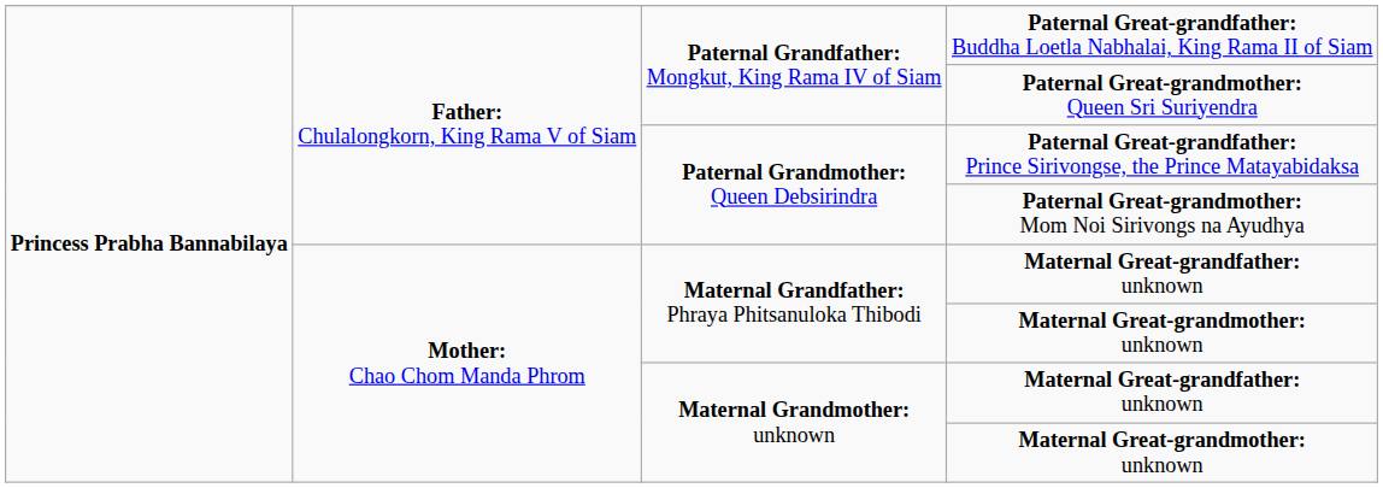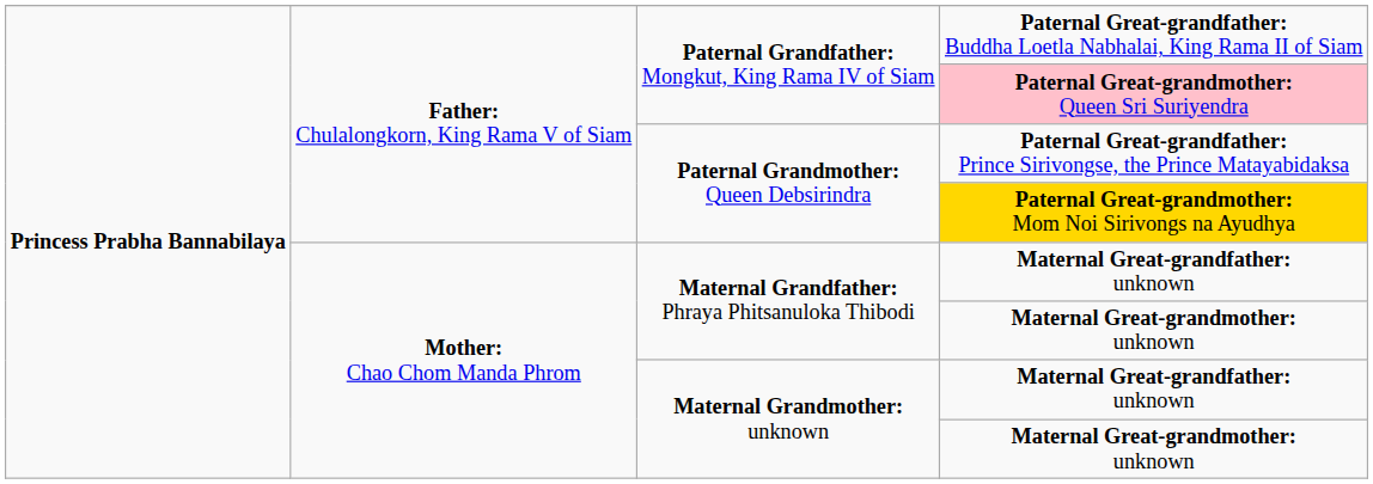 <table class="wikitable">
 <tr>
 </tr>
 <tr>
 <td rowspan="8" align="center"><strong>Princess Prabha Bannabilaya</strong></td>
 <td rowspan="4" align="center"><strong>Father:</strong><br><a href='#'>Chulalongkorn, King Rama V of Siam</a></td>
 <td rowspan="2" align="center"><strong>Paternal Grandfather:</strong><br><a href='#'>Mongkut, King Rama IV of Siam</a></td>
 <td align = "center"><strong>Paternal Great-grandfather:</strong><br><a href='#'>Buddha Loetla Nabhalai, King Rama II of Siam</a></td>
 </tr>
 <tr>
-<td align = "center"><strong>Paternal Great-grandmother:</strong><br><a href='#'>Queen Sri Suriyendra</a></td>
+<td align = "center" style="background: pink;"><strong>Paternal Great-grandmother:</strong><br><a href='#'>Queen Sri Suriyendra</a></td>
 </tr>
 <tr>
 <td rowspan="2" align="center"><strong>Paternal Grandmother:</strong><br><a href='#'>Queen Debsirindra</a></td>
 <td align = "center"><strong>Paternal Great-grandfather:</strong><br><a href='#'>Prince Sirivongse, the Prince Matayabidaksa</a></td>
 </tr>
 <tr>
-<td align = "center"><strong>Paternal Great-grandmother:</strong><br>Mom Noi Sirivongs na Ayudhya</td>
+<td align = "center" style="background: gold;"><strong>Paternal Great-grandmother:</strong><br>Mom Noi Sirivongs na Ayudhya</td>
 </tr>
 <tr>
 <td rowspan="4" align="center"><strong>Mother:</strong><br><a href='#'>Chao Chom Manda Phrom</a></td>
 <td rowspan="2" align="center"><strong>Maternal Grandfather:</strong><br>Phraya Phitsanuloka Thibodi</td>
 <td align = "center"><strong>Maternal Great-grandfather:</strong><br>unknown</td>
 </tr>
 <tr>
 <td align = "center"><strong>Maternal Great-grandmother:</strong><br>unknown</td>
 </tr>
 <tr>
 <td rowspan="2" align="center"><strong>Maternal Grandmother:</strong><br>unknown</td>
 <td align = "center"><strong>Maternal Great-grandfather:</strong><br>unknown</td>
 </tr>
 <tr>
 <td align = "center"><strong>Maternal Great-grandmother:</strong><br>unknown</td>
 </tr>
 </table>
